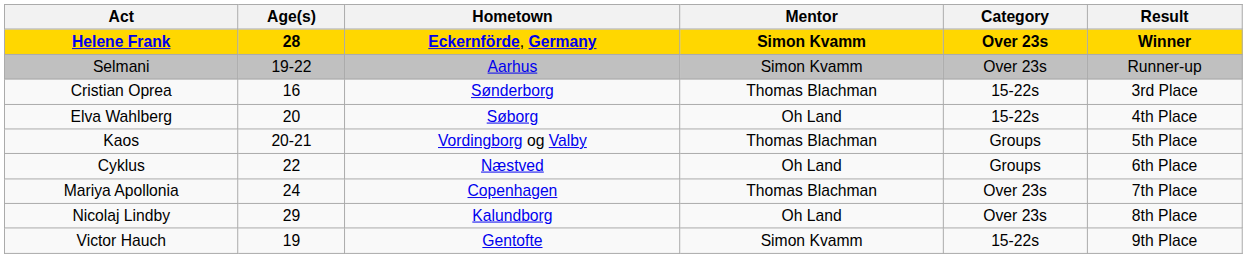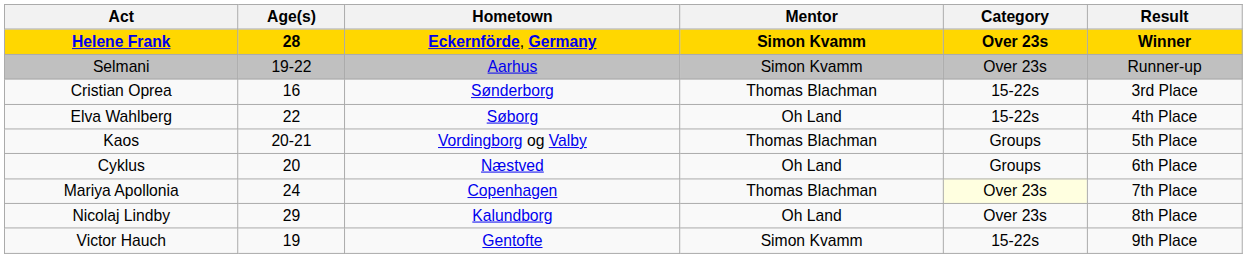 <table class="wikitable sortable" style="width:100%; text-align:center;">
 <tr>
 <th>Act</th>
 <th>Age(s)</th>
 <th>Hometown</th>
 <th>Mentor</th>
 <th>Category</th>
 <th>Result</th>
 </tr>
 <tr style="background:gold">
 <td><strong><a href='#'>Helene Frank</a></strong></td>
 <td><strong>28</strong></td>
 <td><strong><a href='#'>Eckernförde</a></strong>, <strong><a href='#'>Germany</a></strong></td>
 <td><strong>Simon Kvamm</strong></td>
 <td><strong>Over 23s</strong></td>
 <td><strong>Winner</strong></td>
 </tr>
 <tr style="background:silver">
 <td>Selmani</td>
 <td>19-22</td>
 <td><a href='#'>Aarhus</a></td>
 <td>Simon Kvamm</td>
 <td>Over 23s</td>
 <td>Runner-up</td>
 </tr>
 <tr>
 <td>Cristian Oprea</td>
 <td>16</td>
 <td><a href='#'>Sønderborg</a></td>
 <td>Thomas Blachman</td>
 <td>15-22s</td>
 <td>3rd Place</td>
 </tr>
 <tr>
 <td>Elva Wahlberg</td>
-<td>20</td>
+<td>22</td>
 <td><a href='#'>Søborg</a></td>
 <td>Oh Land</td>
 <td>15-22s</td>
 <td>4th Place</td>
 </tr>
 <tr>
 <td>Kaos</td>
 <td>20-21</td>
 <td><a href='#'>Vordingborg</a> og <a href='#'>Valby</a></td>
 <td>Thomas Blachman</td>
 <td>Groups</td>
 <td>5th Place</td>
 </tr>
 <tr>
 <td>Cyklus</td>
-<td>22</td>
+<td>20</td>
 <td><a href='#'>Næstved</a></td>
 <td>Oh Land</td>
 <td>Groups</td>
 <td>6th Place</td>
 </tr>
 <tr>
 <td>Mariya Apollonia</td>
 <td>24</td>
 <td><a href='#'>Copenhagen</a></td>
 <td>Thomas Blachman</td>
-<td>Over 23s</td>
+<td style="background: lightyellow;">Over 23s</td>
 <td>7th Place</td>
 </tr>
 <tr>
 <td>Nicolaj Lindby</td>
 <td>29</td>
 <td><a href='#'>Kalundborg</a></td>
 <td>Oh Land</td>
 <td>Over 23s</td>
 <td>8th Place</td>
 </tr>
 <tr>
 <td>Victor Hauch</td>
 <td>19</td>
 <td><a href='#'>Gentofte</a></td>
 <td>Simon Kvamm</td>
 <td>15-22s</td>
 <td>9th Place</td>
 </tr>
 </table>
